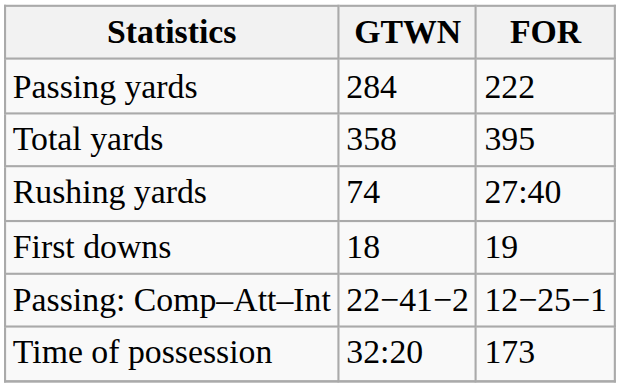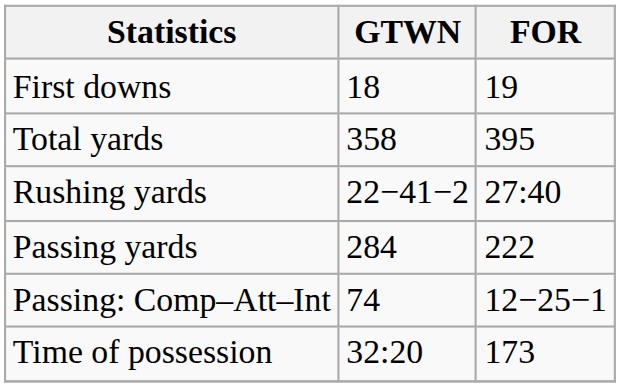 <table class="wikitable" style="float: left;">
 <tr>
 <th>Statistics</th>
 <th>GTWN</th>
 <th>FOR</th>
 </tr>
 <tr>
-<td>Passing yards</td>
-<td>284</td>
-<td>222</td>
+<td>First downs</td>
+<td>18</td>
+<td>19</td>
 </tr>
 <tr>
 <td>Total yards</td>
 <td>358</td>
 <td>395</td>
 </tr>
 <tr>
 <td>Rushing yards</td>
-<td>74</td>
+<td>22−41−2</td>
 <td>27:40</td>
 </tr>
 <tr>
-<td>First downs</td>
-<td>18</td>
-<td>19</td>
+<td>Passing yards</td>
+<td>284</td>
+<td>222</td>
 </tr>
 <tr>
 <td>Passing: Comp–Att–Int</td>
-<td>22−41−2</td>
+<td>74</td>
 <td>12−25−1</td>
 </tr>
 <tr>
 <td>Time of possession</td>
 <td>32:20</td>
 <td>173</td>
 </tr>
 <tr>
 </tr>
 </table>
